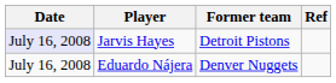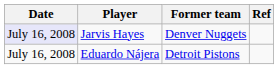 <table class="wikitable" style="text-align:left;">
 <tr>
 <th>Date</th>
 <th>Player</th>
 <th>Former team</th>
 <th>Ref</th>
 </tr>
 <tr>
 <td style="background: lavender;">July 16, 2008</td>
 <td><a href='#'>Jarvis Hayes</a></td>
-<td><a href='#'>Detroit Pistons</a></td>
+<td><a href='#'>Denver Nuggets</a></td>
 <td></td>
 </tr>
 <tr>
 <td>July 16, 2008</td>
 <td><a href='#'>Eduardo Nájera</a></td>
-<td><a href='#'>Denver Nuggets</a></td>
+<td><a href='#'>Detroit Pistons</a></td>
 <td></td>
 </tr>
 </table>
